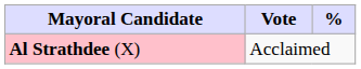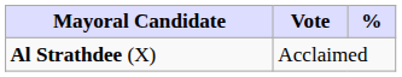 <table class="wikitable">
 <tr>
 <th style="background:#ddf; width:200px;">Mayoral Candidate</th>
 <th style="background:#ddf; width:50px;">Vote</th>
 <th style="background:#ddf; width:30px;">%</th>
 </tr>
 <tr>
-<td style="background: pink;"><strong>Al Strathdee</strong> (X)</td>
+<td><strong>Al Strathdee</strong> (X)</td>
 <td colspan="2">Acclaimed</td>
 </tr>
 </table>
